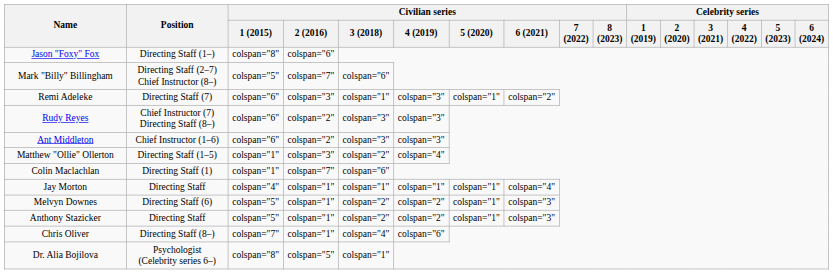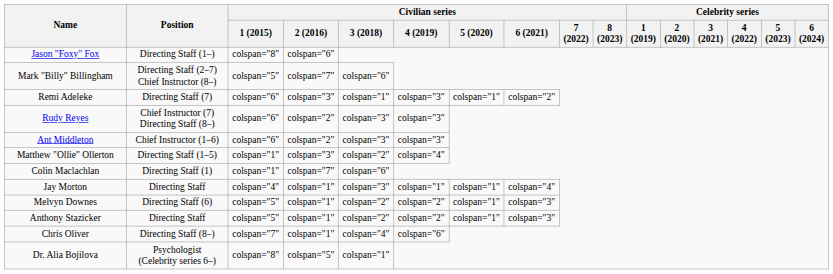 <table class="wikitable plainrowheaders" style="font-size:90%; text-align: center">
 <tr>
 <th scope="col" rowspan="2" style="width:12%;">Name</th>
 <th scope="col" rowspan="2" style="width:10%;">Position</th>
 <th scope="col" colspan="8" style="width:12%;">Civilian series</th>
 <th scope="col" colspan="9" style="width:12%;">Celebrity series</th>
 </tr>
 <tr>
 <th scope="col" style="width:2%;">1 (2015)</th>
 <th scope="col" style="width:2%;">2 (2016)</th>
 <th scope="col" style="width:2%;">3 (2018)</th>
 <th scope="col" style="width:2%;">4 (2019)</th>
 <th scope="col" style="width:2%;">5 (2020)</th>
 <th scope="col" style="width:2%;">6 (2021)</th>
 <th scope="col" style="width:2%;">7 (2022)</th>
 <th scope="col" style="width:2%;">8 (2023)</th>
 <th scope="col" style="width:2%;">1 (2019)</th>
 <th scope="col" style="width:2%;">2 (2020)</th>
 <th scope="col" style="width:2%;">3 (2021)</th>
 <th scope="col" style="width:2%;">4 (2022)</th>
 <th scope="col" style="width:2%;">5 (2023)</th>
 <th scope="col" style="width:2%;">6 (2024)</th>
 </tr>
 <tr>
 <td scope="row"><a href='#'>Jason "Foxy" Fox</a></td>
 <td>Directing Staff (1–)</td>
 <td>colspan="8" </td>
 <td>colspan="6" </td>
 </tr>
 <tr>
 <td scope="row">Mark "Billy" Billingham</td>
 <td>Directing Staff (2–7)<br>Chief Instructor (8–)</td>
 <td>colspan="5" </td>
 <td>colspan="7" </td>
 <td>colspan="6" </td>
 </tr>
 <tr>
 <td scope="row">Remi Adeleke</td>
 <td>Directing Staff (7)</td>
 <td>colspan="6" </td>
 <td>colspan="3" </td>
 <td>colspan="1" </td>
 <td>colspan="3" </td>
 <td>colspan="1" </td>
 <td>colspan="2" </td>
 </tr>
 <tr>
 <td scope="row"><a href='#'>Rudy Reyes</a></td>
 <td>Chief Instructor (7)<br> Directing Staff (8–)</td>
 <td>colspan="6" </td>
 <td>colspan="2" </td>
 <td>colspan="3" </td>
 <td>colspan="3" </td>
 </tr>
 <tr>
 <td scope="row"><a href='#'>Ant Middleton</a></td>
 <td>Chief Instructor (1–6)</td>
 <td>colspan="6" </td>
 <td>colspan="2" </td>
 <td>colspan="3" </td>
 <td>colspan="3" </td>
 </tr>
 <tr>
 <td scope="row">Matthew "Ollie" Ollerton</td>
 <td>Directing Staff (1–5)</td>
 <td>colspan="1" </td>
 <td>colspan="3" </td>
 <td>colspan="2" </td>
 <td>colspan="4" </td>
 </tr>
 <tr>
 <td scope="row">Colin Maclachlan</td>
 <td>Directing Staff (1)</td>
 <td>colspan="1" </td>
 <td>colspan="7" </td>
 <td>colspan="6" </td>
 </tr>
 <tr>
 <td scope="row">Jay Morton</td>
 <td>Directing Staff</td>
 <td>colspan="4" </td>
 <td>colspan="1" </td>
-<td>colspan="1" </td>
+<td>colspan="3" </td>
 <td>colspan="1" </td>
 <td>colspan="1" </td>
 <td>colspan="4" </td>
 </tr>
 <tr>
 <td scope="row">Melvyn Downes</td>
 <td>Directing Staff (6)</td>
 <td>colspan="5" </td>
 <td>colspan="1" </td>
 <td>colspan="2" </td>
 <td>colspan="2" </td>
 <td>colspan="1" </td>
 <td>colspan="3" </td>
 </tr>
 <tr>
 <td scope="row">Anthony Stazicker</td>
 <td>Directing Staff</td>
 <td>colspan="5" </td>
 <td>colspan="1" </td>
 <td>colspan="2" </td>
 <td>colspan="2" </td>
 <td>colspan="1" </td>
 <td>colspan="3" </td>
 </tr>
 <tr>
 <td scope="row">Chris Oliver</td>
 <td>Directing Staff (8–)</td>
 <td>colspan="7" </td>
 <td>colspan="1" </td>
 <td>colspan="4"</td>
 <td>colspan="6"</td>
 </tr>
 <tr>
 <td scope="row">Dr. Alia Bojilova</td>
 <td>Psychologist<br>(Celebrity series 6–)</td>
 <td>colspan="8" </td>
 <td>colspan="5" </td>
 <td>colspan="1" </td>
 </tr>
 </table>
